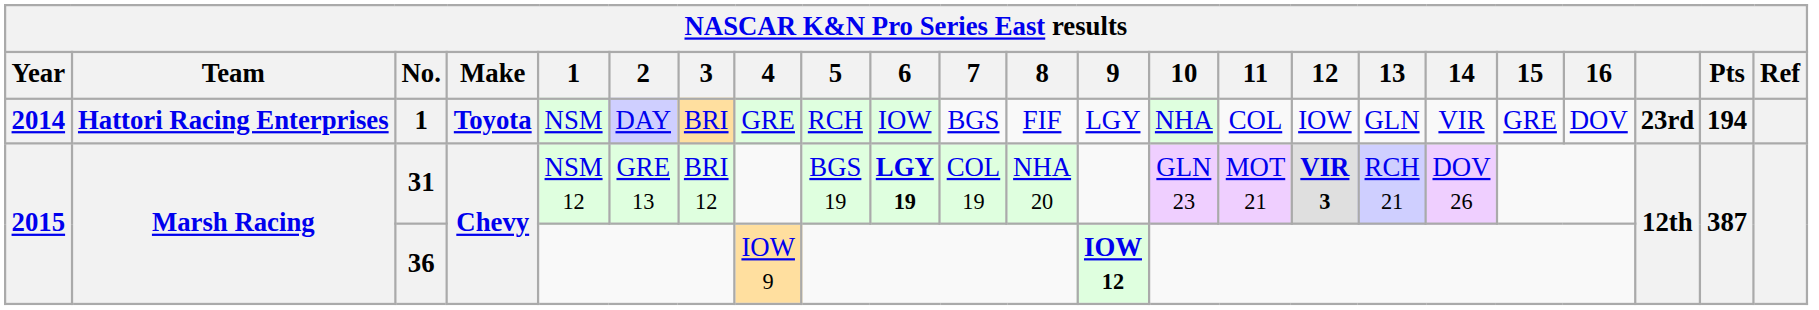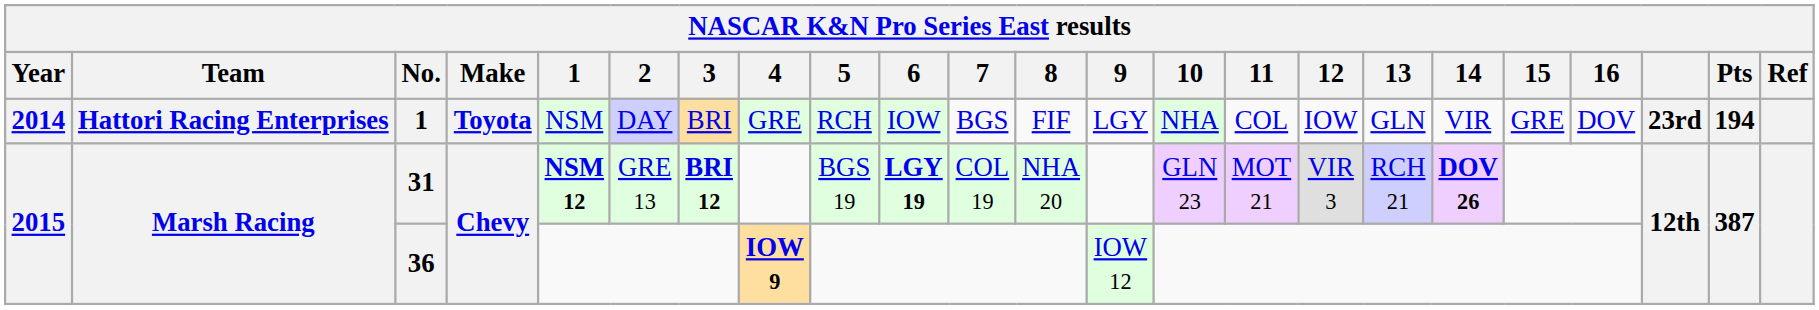 <table class="wikitable" style="text-align:center; font-size:75%">
 <tr>
 <th colspan=23><a href='#'>NASCAR K&N Pro Series East</a> results</th>
 </tr>
 <tr>
 <th>Year</th>
 <th>Team</th>
 <th>No.</th>
 <th>Make</th>
 <th>1</th>
 <th>2</th>
 <th>3</th>
 <th>4</th>
 <th>5</th>
 <th>6</th>
 <th>7</th>
 <th>8</th>
 <th>9</th>
 <th>10</th>
 <th>11</th>
 <th>12</th>
 <th>13</th>
 <th>14</th>
 <th>15</th>
 <th>16</th>
 <th></th>
 <th>Pts</th>
 <th>Ref</th>
 </tr>
 <tr>
 <th><a href='#'>2014</a></th>
 <th><a href='#'>Hattori Racing Enterprises</a></th>
 <th>1</th>
 <th><a href='#'>Toyota</a></th>
 <td style="background:#DFFFDF;"><a href='#'>NSM</a><br></td>
 <td style="background:#CFCFFF;"><a href='#'>DAY</a><br></td>
 <td style="background:#FFDF9F;"><a href='#'>BRI</a><br></td>
 <td style="background:#DFFFDF;"><a href='#'>GRE</a><br></td>
 <td style="background:#DFFFDF;"><a href='#'>RCH</a><br></td>
 <td style="background:#DFFFDF;"><a href='#'>IOW</a><br></td>
 <td><a href='#'>BGS</a></td>
 <td><a href='#'>FIF</a></td>
 <td><a href='#'>LGY</a></td>
 <td style="background:#DFFFDF;"><a href='#'>NHA</a><br></td>
 <td><a href='#'>COL</a></td>
 <td><a href='#'>IOW</a></td>
 <td><a href='#'>GLN</a></td>
 <td><a href='#'>VIR</a></td>
 <td><a href='#'>GRE</a></td>
 <td><a href='#'>DOV</a></td>
 <th>23rd</th>
 <th>194</th>
 <th></th>
 </tr>
 <tr>
 <th rowspan=2><a href='#'>2015</a></th>
 <th rowspan=2><a href='#'>Marsh Racing</a></th>
 <th>31</th>
 <th rowspan=2><a href='#'>Chevy</a></th>
-<td style="background:#DFFFDF;"><a href='#'>NSM</a><br><small>12</small></td>
+<td style="background:#DFFFDF;"><strong><a href='#'>NSM</a><br><small>12</small></strong></td>
 <td style="background:#DFFFDF;"><a href='#'>GRE</a><br><small>13</small></td>
-<td style="background:#DFFFDF;"><a href='#'>BRI</a><br><small>12</small></td>
+<td style="background:#DFFFDF;"><strong><a href='#'>BRI</a><br><small>12</small></strong></td>
 <td></td>
 <td style="background:#DFFFDF;"><a href='#'>BGS</a><br><small>19</small></td>
 <td style="background:#DFFFDF;"><strong><a href='#'>LGY</a><br><small>19</small></strong></td>
 <td style="background:#DFFFDF;"><a href='#'>COL</a><br><small>19</small></td>
 <td style="background:#DFFFDF;"><a href='#'>NHA</a><br><small>20</small></td>
 <td></td>
 <td style="background:#EFCFFF;"><a href='#'>GLN</a><br><small>23</small></td>
 <td style="background:#EFCFFF;"><a href='#'>MOT</a><br><small>21</small></td>
-<td style="background:#DFDFDF;"><strong><a href='#'>VIR</a><br><small>3</small></strong></td>
+<td style="background:#DFDFDF;"><a href='#'>VIR</a><br><small>3</small></td>
 <td style="background:#CFCFFF;"><a href='#'>RCH</a><br><small>21</small></td>
-<td style="background:#EFCFFF;"><a href='#'>DOV</a><br><small>26</small></td>
+<td style="background:#EFCFFF;"><strong><a href='#'>DOV</a><br><small>26</small></strong></td>
 <td colspan=2></td>
 <th rowspan=2>12th</th>
 <th rowspan=2>387</th>
 <th rowspan=2></th>
 </tr>
 <tr>
 <th>36</th>
 <td colspan=3></td>
-<td style="background:#FFDF9F;"><a href='#'>IOW</a><br><small>9</small></td>
+<td style="background:#FFDF9F;"><strong><a href='#'>IOW</a><br><small>9</small></strong></td>
 <td colspan=4></td>
-<td style="background:#DFFFDF;"><strong><a href='#'>IOW</a><br><small>12</small></strong></td>
+<td style="background:#DFFFDF;"><a href='#'>IOW</a><br><small>12</small></td>
 <td colspan=7></td>
 </tr>
 </table>
